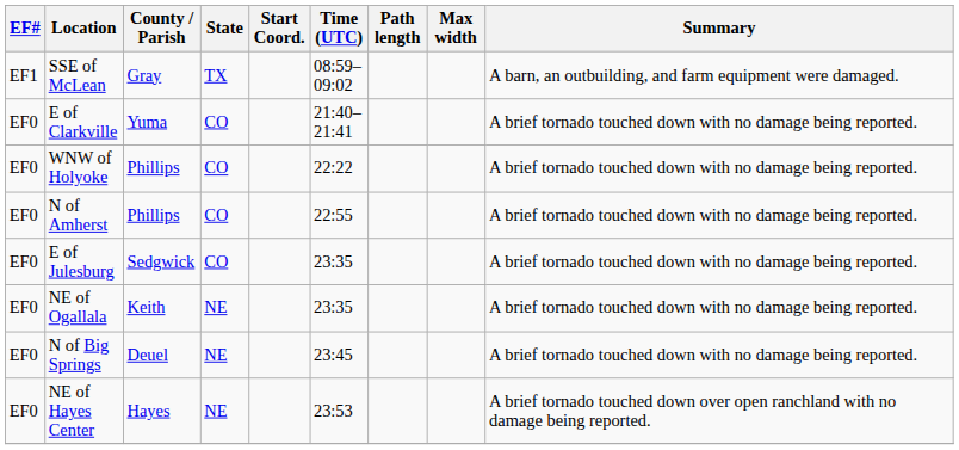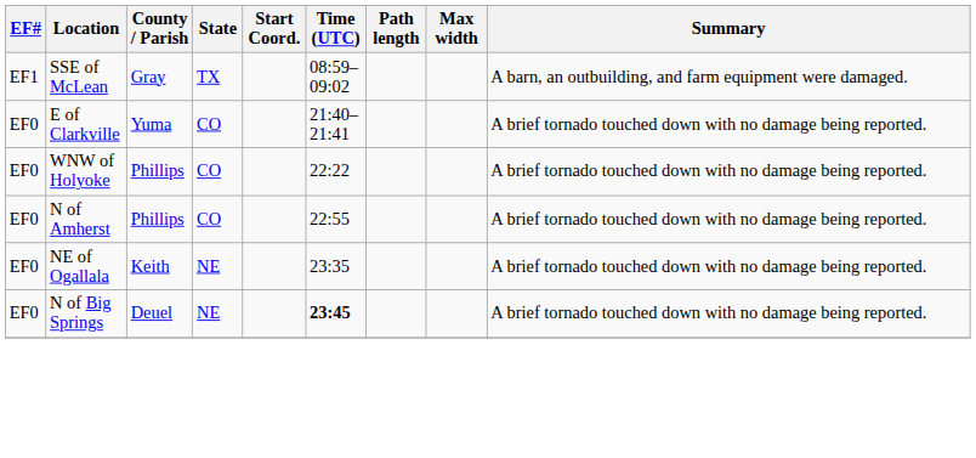 <table class="wikitable sortable" style="width:100%;">
 <tr>
 <th scope="col"  style="width:3%; text-align:center;"><a href='#'>EF#</a></th>
 <th scope="col"  style="width:7%; text-align:center;" class="unsortable">Location</th>
 <th scope="col"  style="width:6%; text-align:center;" class="unsortable">County / Parish</th>
 <th scope="col"  style="width:5%; text-align:center;">State</th>
 <th scope="col"  style="width:6%; text-align:center;">Start Coord.</th>
 <th scope="col"  style="width:6%; text-align:center;">Time (<a href='#'>UTC</a>)</th>
 <th scope="col"  style="width:6%; text-align:center;">Path length</th>
 <th scope="col"  style="width:6%; text-align:center;">Max width</th>
 <th scope="col" class="unsortable" style="width:48%; text-align:center;">Summary</th>
 </tr>
 <tr>
 <td>EF1</td>
 <td>SSE of <a href='#'>McLean</a></td>
 <td><a href='#'>Gray</a></td>
 <td><a href='#'>TX</a></td>
 <td></td>
 <td>08:59–09:02</td>
 <td></td>
 <td></td>
 <td>A barn, an outbuilding, and farm equipment were damaged.</td>
 </tr>
 <tr>
 <td>EF0</td>
 <td>E of <a href='#'>Clarkville</a></td>
 <td><a href='#'>Yuma</a></td>
 <td><a href='#'>CO</a></td>
 <td></td>
 <td>21:40–21:41</td>
 <td></td>
 <td></td>
 <td>A brief tornado touched down with no damage being reported.</td>
 </tr>
 <tr>
 <td>EF0</td>
 <td>WNW of <a href='#'>Holyoke</a></td>
 <td><a href='#'>Phillips</a></td>
 <td><a href='#'>CO</a></td>
 <td></td>
 <td>22:22</td>
 <td></td>
 <td></td>
 <td>A brief tornado touched down with no damage being reported.</td>
 </tr>
 <tr>
 <td>EF0</td>
 <td>N of <a href='#'>Amherst</a></td>
 <td><a href='#'>Phillips</a></td>
 <td><a href='#'>CO</a></td>
 <td></td>
 <td>22:55</td>
 <td></td>
 <td></td>
 <td>A brief tornado touched down with no damage being reported.</td>
 </tr>
 <tr>
 <td>EF0</td>
-<td>E of <a href='#'>Julesburg</a></td>
-<td><a href='#'>Sedgwick</a></td>
-<td><a href='#'>CO</a></td>
-<td></td>
-<td>23:35</td>
-<td></td>
-<td></td>
-<td>A brief tornado touched down with no damage being reported.</td>
-</tr>
-<tr>
-<td>EF0</td>
 <td>NE of <a href='#'>Ogallala</a></td>
 <td><a href='#'>Keith</a></td>
 <td><a href='#'>NE</a></td>
 <td></td>
 <td>23:35</td>
 <td></td>
 <td></td>
 <td>A brief tornado touched down with no damage being reported.</td>
 </tr>
 <tr>
 <td>EF0</td>
 <td>N of <a href='#'>Big Springs</a></td>
 <td><a href='#'>Deuel</a></td>
 <td><a href='#'>NE</a></td>
 <td></td>
-<td>23:45</td>
+<td><strong>23:45</strong></td>
 <td></td>
 <td></td>
 <td>A brief tornado touched down with no damage being reported.</td>
 </tr>
 <tr>
-<td>EF0</td>
-<td>NE of <a href='#'>Hayes Center</a></td>
-<td><a href='#'>Hayes</a></td>
-<td><a href='#'>NE</a></td>
-<td></td>
-<td>23:53</td>
-<td></td>
-<td></td>
-<td>A brief tornado touched down over open ranchland with no damage being reported.</td>
-</tr>
-<tr>
 </tr>
 </table>
